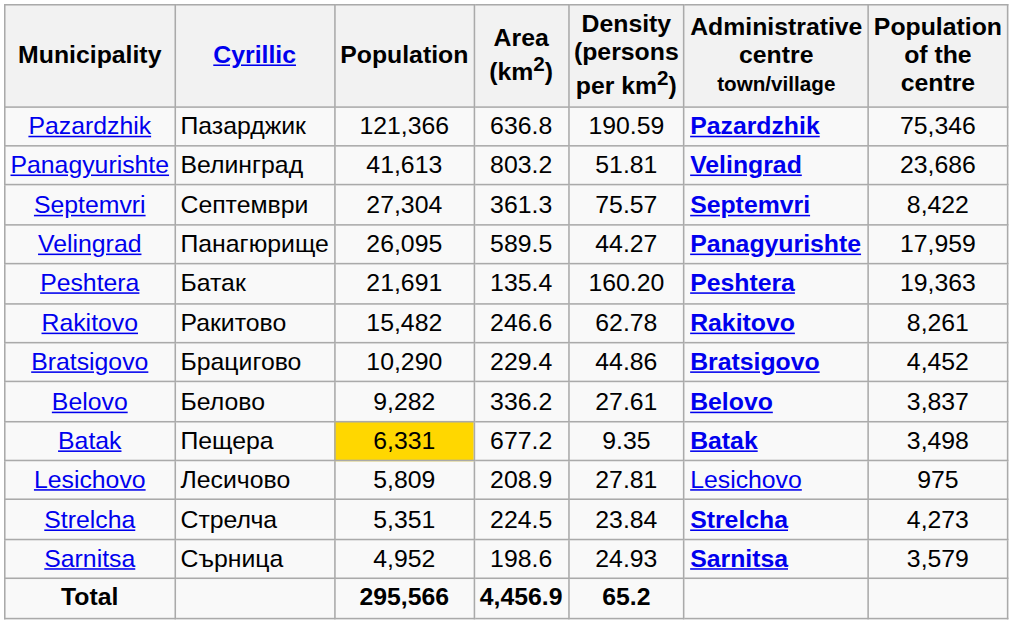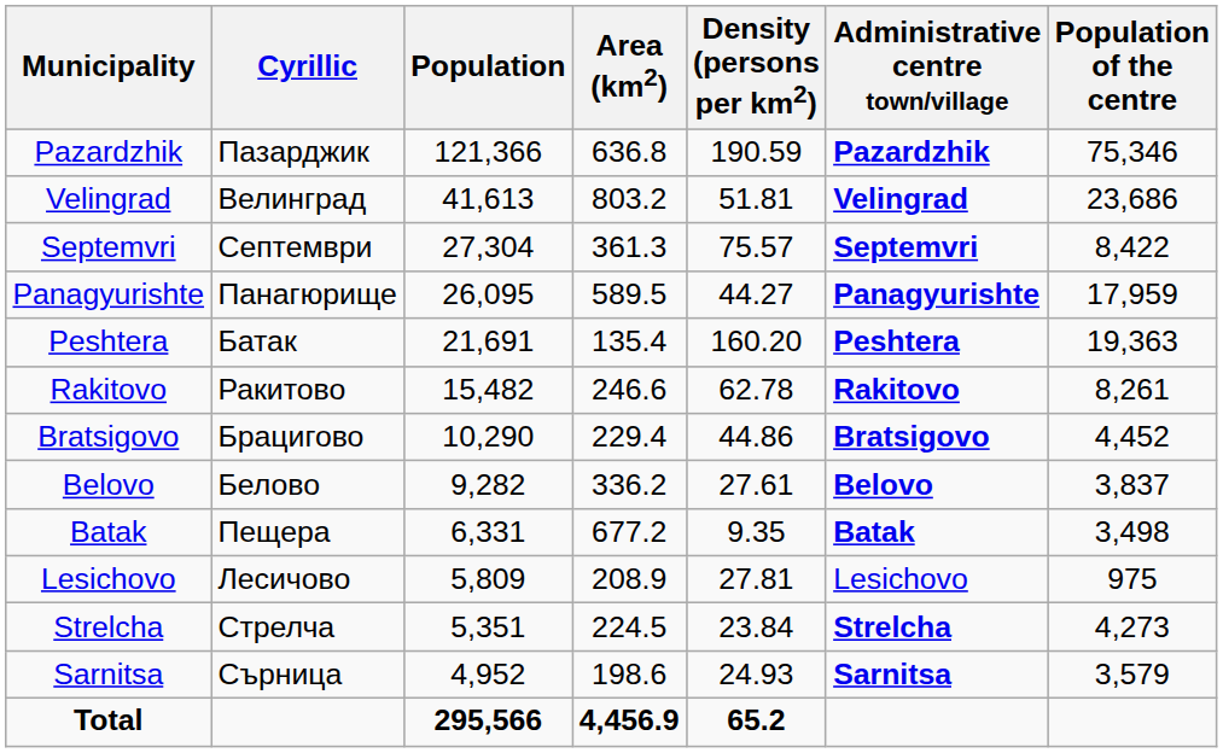 <table width=60% class="wikitable">
 <tr>
 <th width=12%>Municipality</th>
 <th width=12%><a href='#'>Cyrillic</a></th>
 <th width=12%>Population</th>
 <th width=12%>Area<br>(km<sup>2</sup>)</th>
 <th width=12%>Density<br>(persons per km<sup>2</sup>)</th>
 <th width=12%>Administrative centre<br><small>town/village</small></th>
 <th width=12%>Population of the centre</th>
 </tr>
 <tr>
 <td align="center"><a href='#'>Pazardzhik</a></td>
 <td>Пазарджик</td>
 <td align="center">121,366</td>
 <td align="center">636.8</td>
 <td align="center">190.59</td>
 <td><strong><a href='#'>Pazardzhik</a></strong></td>
 <td align="center">75,346</td>
 </tr>
 <tr>
-<td align="center"><a href='#'>Panagyurishte</a></td>
+<td align="center"><a href='#'>Velingrad</a></td>
 <td>Велинград</td>
 <td align="center">41,613</td>
 <td align="center">803.2</td>
 <td align="center">51.81</td>
 <td><strong><a href='#'>Velingrad</a></strong></td>
 <td align="center">23,686</td>
 </tr>
 <tr>
 <td align="center"><a href='#'>Septemvri</a></td>
 <td>Септември</td>
 <td align="center">27,304</td>
 <td align="center">361.3</td>
 <td align="center">75.57</td>
 <td><strong><a href='#'>Septemvri</a></strong></td>
 <td align="center">8,422</td>
 </tr>
 <tr>
-<td align="center"><a href='#'>Velingrad</a></td>
+<td align="center"><a href='#'>Panagyurishte</a></td>
 <td>Панагюрище</td>
 <td align="center">26,095</td>
 <td align="center">589.5</td>
 <td align="center">44.27</td>
 <td><strong><a href='#'>Panagyurishte</a></strong></td>
 <td align="center">17,959</td>
 </tr>
 <tr>
 <td align="center"><a href='#'>Peshtera</a></td>
 <td>Батак</td>
 <td align="center">21,691</td>
 <td align="center">135.4</td>
 <td align="center">160.20</td>
 <td><strong><a href='#'>Peshtera</a></strong></td>
 <td align="center">19,363</td>
 </tr>
 <tr>
 <td align="center"><a href='#'>Rakitovo</a></td>
 <td>Ракитово</td>
 <td align="center">15,482</td>
 <td align="center">246.6</td>
 <td align="center">62.78</td>
 <td><strong><a href='#'>Rakitovo</a></strong></td>
 <td align="center">8,261</td>
 </tr>
 <tr>
 <td align="center"><a href='#'>Bratsigovo</a></td>
 <td>Брацигово</td>
 <td align="center">10,290</td>
 <td align="center">229.4</td>
 <td align="center">44.86</td>
 <td><strong><a href='#'>Bratsigovo</a></strong></td>
 <td align="center">4,452</td>
 </tr>
 <tr>
 <td align="center"><a href='#'>Belovo</a></td>
 <td>Белово</td>
 <td align="center">9,282</td>
 <td align="center">336.2</td>
 <td align="center">27.61</td>
 <td><strong><a href='#'>Belovo</a></strong></td>
 <td align="center">3,837</td>
 </tr>
 <tr>
 <td align="center"><a href='#'>Batak</a></td>
 <td>Пещера</td>
-<td align="center" style="background: gold;">6,331</td>
+<td align="center">6,331</td>
 <td align="center">677.2</td>
 <td align="center">9.35</td>
 <td><strong><a href='#'>Batak</a></strong></td>
 <td align="center">3,498</td>
 </tr>
 <tr>
 <td align="center"><a href='#'>Lesichovo</a></td>
 <td>Лесичово</td>
 <td align="center">5,809</td>
 <td align="center">208.9</td>
 <td align="center">27.81</td>
 <td><a href='#'>Lesichovo</a></td>
 <td align="center">975</td>
 </tr>
 <tr>
 <td align="center"><a href='#'>Strelcha</a></td>
 <td>Стрелча</td>
 <td align="center">5,351</td>
 <td align="center">224.5</td>
 <td align="center">23.84</td>
 <td><strong><a href='#'>Strelcha</a></strong></td>
 <td align="center">4,273</td>
 </tr>
 <tr>
 <td align="center"><a href='#'>Sarnitsa</a></td>
 <td>Сърница</td>
 <td align="center">4,952</td>
 <td align="center">198.6</td>
 <td align="center">24.93</td>
 <td><strong><a href='#'>Sarnitsa</a></strong></td>
 <td align="center">3,579</td>
 </tr>
 <tr>
 <td align="center"><strong>Total</strong></td>
 <td></td>
 <td align="center"><strong>295,566</strong></td>
 <td align="center"><strong>4,456.9</strong></td>
 <td align="center"><strong>65.2</strong></td>
 <td></td>
 <td></td>
 </tr>
 </table>
